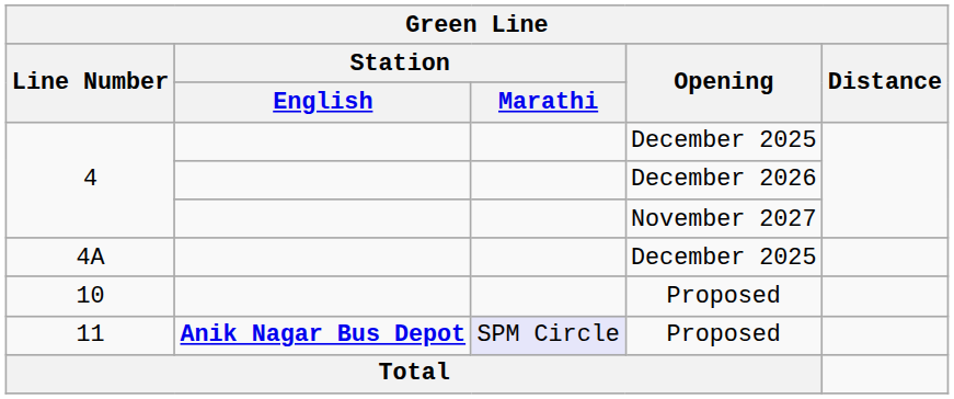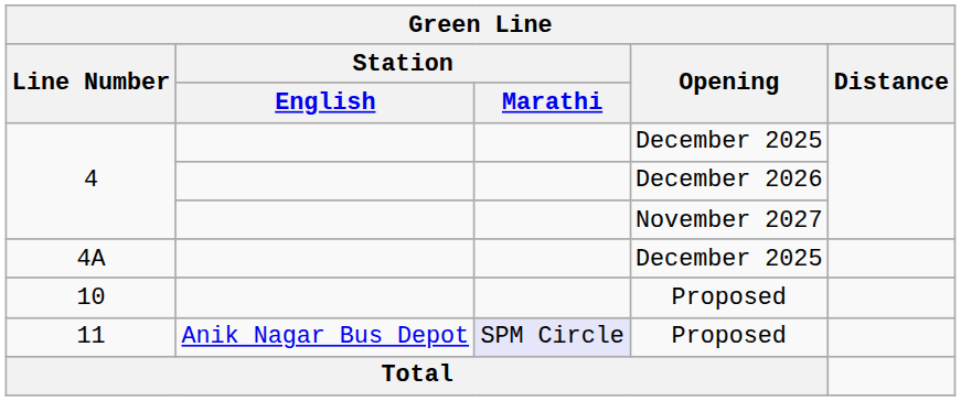 <table class="wikitable" style="text-align:center;margin:auto;">
 <tr>
 <th colspan="10" style="background:#"><span>Green Line</span></th>
 </tr>
 <tr>
 <th rowspan="2">Line Number</th>
 <th colspan="2">Station</th>
 <th rowspan="2">Opening</th>
 <th rowspan="2">Distance</th>
 </tr>
 <tr>
 <th><a href='#'>English</a></th>
 <th><a href='#'>Marathi</a></th>
 </tr>
 <tr>
 <td rowspan="3">4</td>
 <td></td>
 <td></td>
 <td>December 2025</td>
 <td rowspan="3"></td>
 </tr>
 <tr>
 <td></td>
 <td></td>
 <td>December 2026</td>
 </tr>
 <tr>
 <td></td>
 <td></td>
 <td>November 2027</td>
 </tr>
 <tr>
 <td>4A</td>
 <td></td>
 <td></td>
 <td>December 2025</td>
 <td></td>
 </tr>
 <tr>
 <td>10</td>
 <td></td>
 <td></td>
 <td>Proposed</td>
 <td></td>
 </tr>
 <tr>
 <td>11</td>
-<td><strong><a href='#'>Anik Nagar Bus Depot</a></strong></td>
+<td><a href='#'>Anik Nagar Bus Depot</a></td>
 <td style="background: lavender;">SPM Circle</td>
 <td>Proposed</td>
 <td></td>
 </tr>
 <tr>
 <th colspan="4">Total</th>
 <td></td>
 </tr>
 </table>
